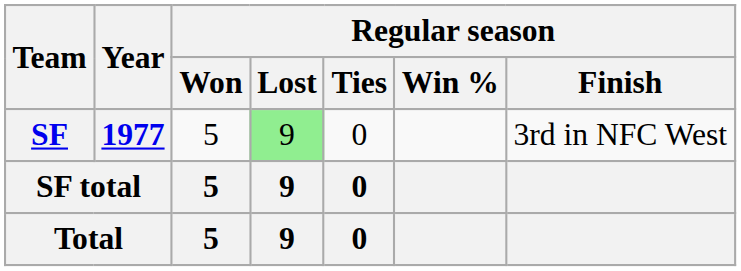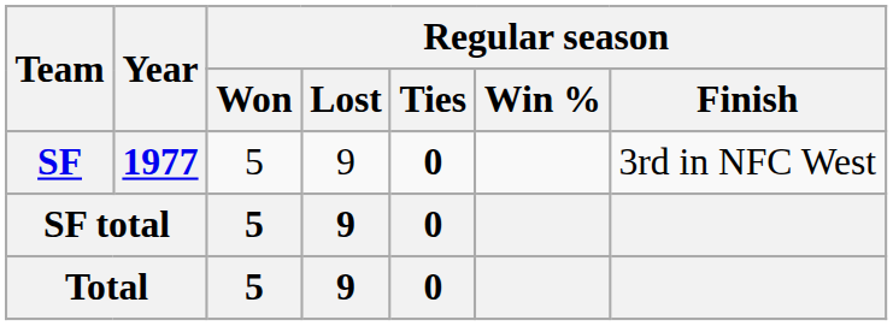 <table class="wikitable" style="font-size: 95%; text-align:center;">
 <tr>
 <th rowspan="2">Team</th>
 <th rowspan="2">Year</th>
 <th colspan="5">Regular season</th>
 </tr>
 <tr>
 <th>Won</th>
 <th>Lost</th>
 <th>Ties</th>
 <th>Win %</th>
 <th>Finish</th>
 </tr>
 <tr>
 <th><a href='#'>SF</a></th>
 <th><a href='#'>1977</a></th>
 <td>5</td>
-<td style="background: lightgreen;">9</td>
-<td>0</td>
+<td>9</td>
+<td><strong>0</strong></td>
 <td></td>
 <td>3rd in NFC West</td>
 </tr>
 <tr>
 <th colspan="2">SF total</th>
 <th>5</th>
 <th>9</th>
 <th>0</th>
 <th></th>
 <th></th>
 </tr>
 <tr>
 <th colspan="2">Total</th>
 <th>5</th>
 <th>9</th>
 <th>0</th>
 <th></th>
 <th></th>
 </tr>
 </table>
